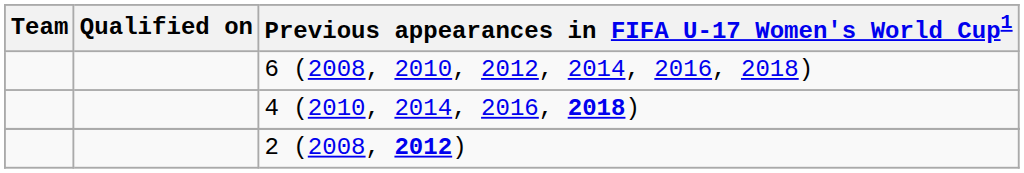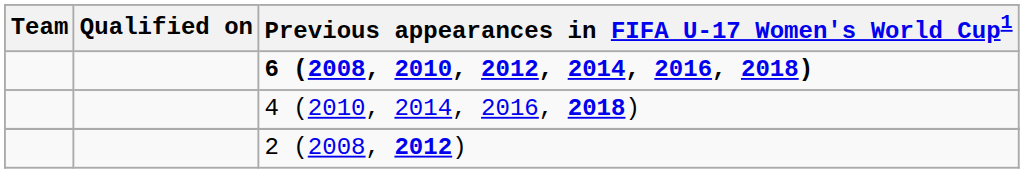 <table class="wikitable sortable">
 <tr>
 <th>Team</th>
 <th>Qualified on</th>
 <th data-sort-type="number">Previous appearances in <a href='#'>FIFA U-17 Women's World Cup</a><sup><strong><a href='#'>1</a></strong></sup></th>
 </tr>
 <tr>
 <td></td>
 <td></td>
-<td>6 (<a href='#'>2008</a>, <a href='#'>2010</a>, <a href='#'>2012</a>, <a href='#'>2014</a>, <a href='#'>2016</a>, <a href='#'>2018</a>)</td>
+<td><strong>6 (<a href='#'>2008</a>, <a href='#'>2010</a>, <a href='#'>2012</a>, <a href='#'>2014</a>, <a href='#'>2016</a>, <a href='#'>2018</a>)</strong></td>
 </tr>
 <tr>
 <td></td>
 <td></td>
 <td>4 (<a href='#'>2010</a>, <a href='#'>2014</a>, <a href='#'>2016</a>, <strong><a href='#'>2018</a></strong>)</td>
 </tr>
 <tr>
 </tr>
 <tr>
 <td></td>
 <td></td>
 <td>2 (<a href='#'>2008</a>, <strong><a href='#'>2012</a></strong>)</td>
 </tr>
 </table>
